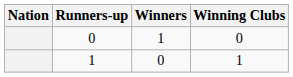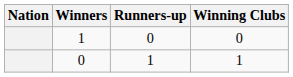 <table class="wikitable plainrowheaders sortable">
 <tr>
 <th scope="col">Nation</th>
+<th scope="col">Winners</th>
 <th scope="col">Runners-up</th>
-<th scope="col">Winners</th>
 <th scope="col">Winning Clubs</th>
+</tr>
+<tr>
+<th scope="row"></th>
+<td align=center>1</td>
+<td align=center>0</td>
+<td align=center>0</td>
 </tr>
 <tr>
 <th scope="row"></th>
 <td align=center>0</td>
 <td align=center>1</td>
-<td align=center>0</td>
-</tr>
-<tr>
-<th scope="row"></th>
-<td align=center>1</td>
-<td align=center>0</td>
 <td align=center>1</td>
 </tr>
 </table>
